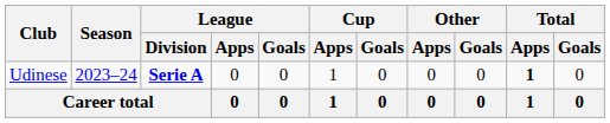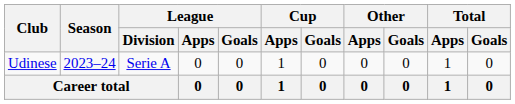 <table class="wikitable" style="text-align:center">
 <tr>
 <th rowspan="2">Club</th>
 <th rowspan="2">Season</th>
 <th colspan="3">League</th>
 <th colspan="2">Cup</th>
 <th colspan="2">Other</th>
 <th colspan="2">Total</th>
 </tr>
 <tr>
 <th>Division</th>
 <th>Apps</th>
 <th>Goals</th>
 <th>Apps</th>
 <th>Goals</th>
 <th>Apps</th>
 <th>Goals</th>
 <th>Apps</th>
 <th>Goals</th>
 </tr>
 <tr>
 <td><a href='#'>Udinese</a></td>
 <td><a href='#'>2023–24</a></td>
-<td><strong><a href='#'>Serie A</a></strong></td>
+<td><a href='#'>Serie A</a></td>
 <td>0</td>
 <td>0</td>
 <td>1</td>
 <td>0</td>
 <td>0</td>
 <td>0</td>
-<td><strong>1</strong></td>
+<td>1</td>
 <td>0</td>
 </tr>
 <tr>
 <th colspan="3">Career total</th>
 <th>0</th>
 <th>0</th>
 <th>1</th>
 <th>0</th>
 <th>0</th>
 <th>0</th>
 <th>1</th>
 <th>0</th>
 </tr>
 </table>
